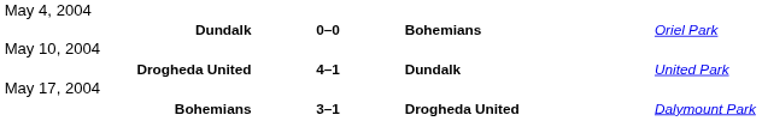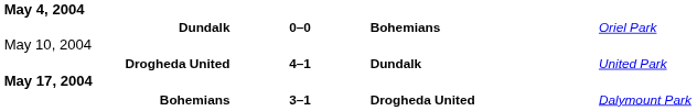 <table width=100% cellspacing=1>
 <tr>
 <th width=20%></th>
 <th width=12%></th>
 <th width=20%></th>
 <th></th>
 </tr>
 <tr>
-<td>May 4, 2004</td>
+<td><strong>May 4, 2004</strong></td>
 </tr>
 <tr style=font-size:90%>
 <td align=right><strong>Dundalk</strong></td>
 <td align=center><strong>0–0</strong></td>
 <td><strong>Bohemians</strong></td>
 <td><em><a href='#'>Oriel Park</a></em></td>
 </tr>
 <tr>
 <td>May 10, 2004</td>
 </tr>
 <tr style=font-size:90%>
 <td align=right><strong>Drogheda United</strong></td>
 <td align=center><strong>4–1</strong></td>
 <td><strong>Dundalk</strong></td>
 <td><em><a href='#'>United Park</a></em></td>
 </tr>
 <tr>
-<td>May 17, 2004</td>
+<td><strong>May 17, 2004</strong></td>
 </tr>
 <tr style=font-size:90%>
 <td align=right><strong>Bohemians</strong></td>
 <td align=center><strong>3–1</strong></td>
 <td><strong>Drogheda United</strong></td>
 <td><em><a href='#'>Dalymount Park</a></em></td>
 </tr>
 </table>
